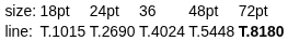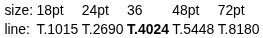 <table style="margin-left:40px;">
 <tr>
 <td>size:</td>
 <td>18pt</td>
 <td>24pt</td>
 <td>36</td>
 <td>48pt</td>
 <td>72pt</td>
 </tr>
 <tr>
 <td>line:</td>
 <td>T.1015</td>
 <td>T.2690</td>
-<td>T.4024</td>
+<td><strong>T.4024</strong></td>
 <td>T.5448</td>
-<td><strong>T.8180</strong></td>
+<td>T.8180</td>
 </tr>
 </table>
